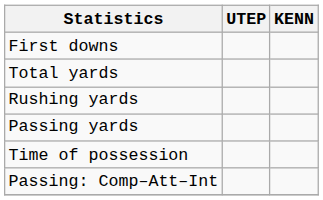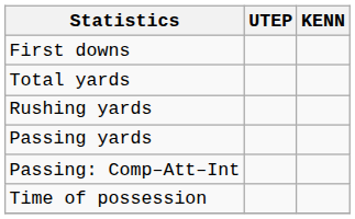 <table class="wikitable" style="float: left;">
 <tr>
 <th>Statistics</th>
 <th>UTEP</th>
 <th>KENN</th>
 </tr>
 <tr>
 <td>First downs</td>
 <td></td>
 <td></td>
 </tr>
 <tr>
 <td>Total yards</td>
 <td></td>
 <td></td>
 </tr>
 <tr>
 <td>Rushing yards</td>
 <td></td>
 <td></td>
 </tr>
 <tr>
 <td>Passing yards</td>
 <td></td>
 <td></td>
 </tr>
 <tr>
-<td>Time of possession</td>
+<td>Passing: Comp–Att–Int</td>
 <td></td>
 <td></td>
 </tr>
 <tr>
-<td>Passing: Comp–Att–Int</td>
+<td>Time of possession</td>
 <td></td>
 <td></td>
 </tr>
 <tr>
 </tr>
 </table>
